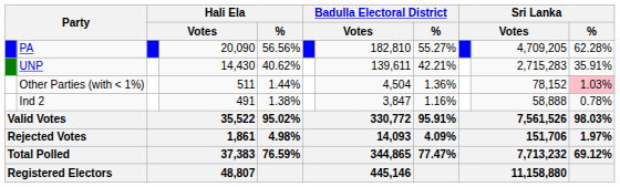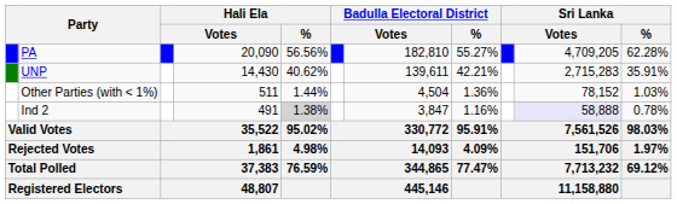 <table class="wikitable">
 <tr>
 <th colspan="2" width="144px"rowspan="2">Party</th>
 <th colspan="3" width="216px">Hali Ela</th>
 <th colspan="3" width="216px"><a href='#'>Badulla Electoral District</a></th>
 <th colspan="3" width="216px">Sri Lanka</th>
 </tr>
 <tr>
 <th colspan="2" width="144px">Votes</th>
 <th>%</th>
 <th colspan="2" width="144px">Votes</th>
 <th>%</th>
 <th colspan="2" width="144px">Votes</th>
 <th>%</th>
 </tr>
 <tr>
 <td style="background-color:blue;" width="10px"></td>
 <td style="text-align:left;"><a href='#'>PA</a></td>
 <td style="background-color:blue;" width="10px"></td>
 <td style="text-align:right;">20,090</td>
 <td style="text-align:right;">56.56%</td>
 <td style="background-color:blue;" width="10px"></td>
 <td style="text-align:right;">182,810</td>
 <td style="text-align:right;">55.27%</td>
 <td style="background-color:blue;" width="10px"></td>
 <td style="text-align:right;">4,709,205</td>
 <td style="text-align:right;">62.28%</td>
 </tr>
 <tr>
 <td style="background-color:green;" width="10px"></td>
 <td style="text-align:left;"><a href='#'>UNP</a></td>
 <td style="background-color:white;" width="10px"></td>
 <td style="text-align:right;">14,430</td>
 <td style="text-align:right;">40.62%</td>
 <td style="background-color:white;" width="10px"></td>
 <td style="text-align:right;">139,611</td>
 <td style="text-align:right;">42.21%</td>
 <td style="background-color:white;" width="10px"></td>
 <td style="text-align:right;">2,715,283</td>
 <td style="text-align:right;">35.91%</td>
 </tr>
 <tr>
 <td style="background-color:white;" width="10px"></td>
 <td style="text-align:left;">Other Parties (with < 1%)</td>
 <td style="background-color:white;" width="10px"></td>
 <td style="text-align:right;">511</td>
 <td style="text-align:right;">1.44%</td>
 <td style="background-color:white;" width="10px"></td>
 <td style="text-align:right;">4,504</td>
 <td style="text-align:right;">1.36%</td>
 <td style="background-color:white;" width="10px"></td>
 <td style="text-align:right;">78,152</td>
-<td style="background: pink; text-align:right;">1.03%</td>
+<td style="text-align:right;">1.03%</td>
 </tr>
 <tr>
 <td style="background-color:white;" width="10px"></td>
 <td style="text-align:left;">Ind 2</td>
 <td style="background-color:white;" width="10px"></td>
 <td style="text-align:right;">491</td>
-<td style="text-align:right;">1.38%</td>
+<td style="background: lightgrey; text-align:right;">1.38%</td>
 <td style="background-color:white;" width="10px"></td>
 <td style="text-align:right;">3,847</td>
 <td style="text-align:right;">1.16%</td>
 <td style="background-color:white;" width="10px"></td>
-<td style="text-align:right;">58,888</td>
+<td style="background: lavender; text-align:right;">58,888</td>
 <td style="text-align:right;">0.78%</td>
 </tr>
 <tr>
 <th colspan="2" width="144px"style="text-align:left;">Valid Votes</th>
 <th style="text-align:right;"colspan="2" width="144px">35,522</th>
 <th style="text-align:right;">95.02%</th>
 <th style="text-align:right;"colspan="2" width="144px">330,772</th>
 <th style="text-align:right;">95.91%</th>
 <th style="text-align:right;"colspan="2" width="144px">7,561,526</th>
 <th style="text-align:right;">98.03%</th>
 </tr>
 <tr>
 <th colspan="2" width="144px"style="text-align:left;">Rejected Votes</th>
 <th style="text-align:right;"colspan="2" width="144px">1,861</th>
 <th style="text-align:right;">4.98%</th>
 <th style="text-align:right;"colspan="2" width="144px">14,093</th>
 <th style="text-align:right;">4.09%</th>
 <th style="text-align:right;"colspan="2" width="144px">151,706</th>
 <th style="text-align:right;">1.97%</th>
 </tr>
 <tr>
 <th colspan="2" width="144px"style="text-align:left;">Total Polled</th>
 <th style="text-align:right;"colspan="2" width="144px">37,383</th>
 <th style="text-align:right;">76.59%</th>
 <th style="text-align:right;"colspan="2" width="144px">344,865</th>
 <th style="text-align:right;">77.47%</th>
 <th style="text-align:right;"colspan="2" width="144px">7,713,232</th>
 <th style="text-align:right;">69.12%</th>
 </tr>
 <tr>
 <th colspan="2" width="144px"style="text-align:left;">Registered Electors</th>
 <th style="text-align:right;"colspan="2" width="144px">48,807</th>
 <th></th>
 <th style="text-align:right;"colspan="2" width="144px">445,146</th>
 <th></th>
 <th style="text-align:right;"colspan="2" width="144px">11,158,880</th>
 <th></th>
 </tr>
 </table>
